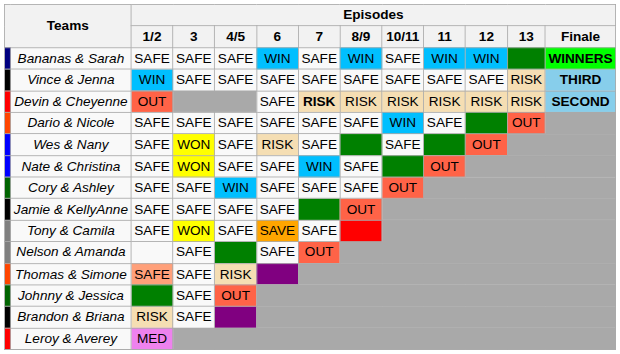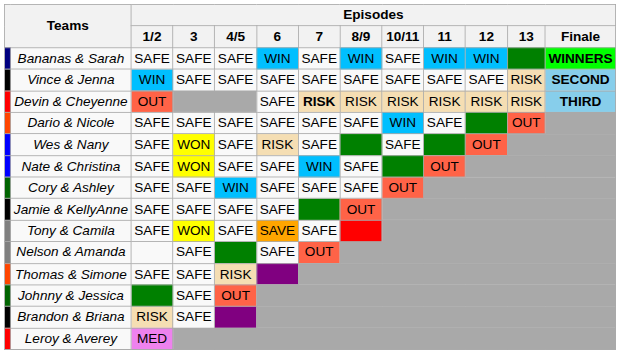 <table class="wikitable" style="text-align:center">
 <tr>
 <th rowspan=2 colspan=2>Teams</th>
 <th colspan=12>Episodes</th>
 </tr>
 <tr>
 <th>1/2</th>
 <th>3</th>
 <th>4/5</th>
 <th>6</th>
 <th>7</th>
 <th>8/9</th>
 <th>10/11</th>
 <th>11</th>
 <th>12</th>
 <th>13</th>
 <th>Finale</th>
 </tr>
 <tr>
 <td bgcolor="navy"></td>
 <td><em>Bananas & Sarah</em></td>
 <td>SAFE</td>
 <td>SAFE</td>
 <td>SAFE</td>
 <td bgcolor="deepskyblue">WIN</td>
 <td>SAFE</td>
 <td style="background:deepskyblue">WIN</td>
 <td>SAFE</td>
 <td bgcolor="deepskyblue">WIN</td>
 <td bgcolor="deepskyblue">WIN</td>
 <td bgcolor="green"></td>
 <td bgcolor="lime"><strong>WINNERS</strong></td>
 </tr>
 <tr>
 <td bgcolor="black"></td>
 <td><em>Vince & Jenna</em></td>
 <td bgcolor="deepskyblue">WIN</td>
 <td>SAFE</td>
 <td>SAFE</td>
 <td>SAFE</td>
 <td>SAFE</td>
 <td>SAFE</td>
 <td>SAFE</td>
 <td>SAFE</td>
 <td>SAFE</td>
 <td bgcolor="wheat">RISK</td>
-<td bgcolor="skyblue"><strong>THIRD</strong></td>
+<td bgcolor="skyblue"><strong>SECOND</strong></td>
 </tr>
 <tr>
 <td bgcolor="red"></td>
 <td nowrap><em>Devin & Cheyenne</em></td>
 <td bgcolor="tomato">OUT</td>
 <td bgcolor="darkgray" colspan=2></td>
 <td>SAFE</td>
 <td bgcolor="wheat"><strong>RISK</strong></td>
 <td bgcolor="wheat">RISK</td>
 <td bgcolor="wheat">RISK</td>
 <td bgcolor="wheat">RISK</td>
 <td bgcolor="wheat">RISK</td>
 <td bgcolor="wheat">RISK</td>
-<td bgcolor="skyblue"><strong>SECOND</strong></td>
+<td bgcolor="skyblue"><strong>THIRD</strong></td>
 </tr>
 <tr>
 <td bgcolor="orangered"></td>
 <td><em>Dario & Nicole</em></td>
 <td>SAFE</td>
 <td>SAFE</td>
 <td>SAFE</td>
 <td>SAFE</td>
 <td>SAFE</td>
 <td>SAFE</td>
 <td bgcolor="deepskyblue">WIN</td>
 <td>SAFE</td>
 <td bgcolor="green"></td>
 <td bgcolor="tomato">OUT</td>
 <td bgcolor="Darkgrey" colspan=1></td>
 </tr>
 <tr>
 <td bgcolor="blue"></td>
 <td><em>Wes & Nany</em></td>
 <td>SAFE</td>
 <td bgcolor="yellow">WON</td>
 <td>SAFE</td>
 <td bgcolor="wheat">RISK</td>
 <td>SAFE</td>
 <td bgcolor="green"></td>
 <td>SAFE</td>
 <td bgcolor="green"></td>
 <td bgcolor="tomato">OUT</td>
 <td bgcolor="Darkgrey" colspan=2></td>
 </tr>
 <tr>
 <td bgcolor="blue"></td>
 <td><em>Nate & Christina</em></td>
 <td>SAFE</td>
 <td bgcolor="yellow">WON</td>
 <td>SAFE</td>
 <td>SAFE</td>
 <td bgcolor="deepskyblue">WIN</td>
 <td>SAFE</td>
 <td bgcolor="green"></td>
 <td bgcolor="tomato">OUT</td>
 <td bgcolor="darkgrey" colspan=3></td>
 </tr>
 <tr>
 <td bgcolor="darkgreen"></td>
 <td><em>Cory & Ashley</em></td>
 <td>SAFE</td>
 <td>SAFE</td>
 <td bgcolor="deepskyblue">WIN</td>
 <td>SAFE</td>
 <td>SAFE</td>
 <td>SAFE</td>
 <td bgcolor="tomato">OUT</td>
 <td bgcolor="darkgrey" colspan=4></td>
 </tr>
 <tr>
 <td bgcolor="black"></td>
 <td nowrap><em>Jamie & KellyAnne</em></td>
 <td>SAFE</td>
 <td>SAFE</td>
 <td>SAFE</td>
 <td>SAFE</td>
 <td bgcolor="green"></td>
 <td bgcolor="tomato">OUT</td>
 <td bgcolor="darkgrey" colspan=5></td>
 </tr>
 <tr>
 <td bgcolor="grey"></td>
 <td><em>Tony & Camila</em></td>
 <td>SAFE</td>
 <td bgcolor="yellow">WON</td>
 <td>SAFE</td>
 <td bgcolor="orange">SAVE</td>
 <td>SAFE</td>
 <td bgcolor="red"></td>
 <td bgcolor="darkgrey" colspan=5></td>
 </tr>
 <tr>
 <td bgcolor="grey"></td>
 <td nowrap><em>Nelson & Amanda</em></td>
 <td></td>
 <td>SAFE</td>
 <td bgcolor="green"></td>
 <td>SAFE</td>
 <td bgcolor="tomato">OUT</td>
 <td bgcolor="darkgrey" colspan=6></td>
 </tr>
 <tr>
 <td bgcolor="orangered"></td>
 <td><em>Thomas & Simone</em></td>
-<td style="background: lightsalmon;">SAFE</td>
+<td>SAFE</td>
 <td>SAFE</td>
 <td bgcolor="wheat">RISK</td>
 <td bgcolor="purple"></td>
 <td bgcolor="darkgrey" colspan=7></td>
 </tr>
 <tr>
 <td bgcolor="darkgreen"></td>
 <td><em>Johnny & Jessica</em></td>
 <td bgcolor="green"></td>
 <td>SAFE</td>
 <td bgcolor="tomato">OUT</td>
 <td bgcolor="darkgrey" colspan=10></td>
 </tr>
 <tr>
 <td bgcolor="black"></td>
 <td><em>Brandon & Briana</em></td>
 <td bgcolor="wheat">RISK</td>
 <td>SAFE</td>
 <td Style="background:purple"></td>
 <td Style="background:darkgray" colspan=9></td>
 </tr>
 <tr>
 <td bgcolor="red"></td>
 <td><em>Leroy & Averey</em></td>
 <td bgcolor="violet">MED</td>
 <td bgcolor="darkgrey" colspan=13></td>
 </tr>
 <tr>
 </tr>
 </table>
